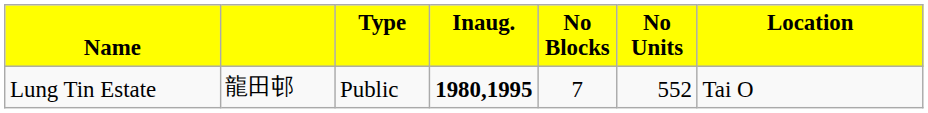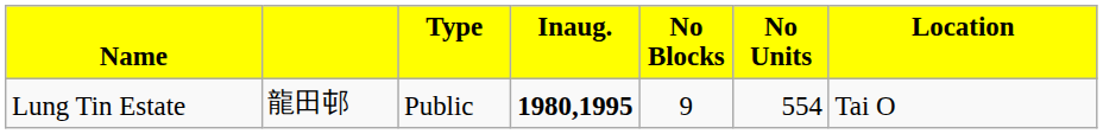 <table class="wikitable">
 <tr style="font-weight:bold;background-color:yellow" align="center" valign="top">
 <td width="143.25" Height="12.75" valign="bottom">Name</td>
 <td width="72.75" valign="top"></td>
 <td width="59.25" valign="top">Type</td>
 <td width="48" valign="top">Inaug.</td>
 <td width="48" valign="top">No Blocks</td>
 <td width="48.75" valign="bottom">No Units</td>
 <td width="150.75" valign="top">Location</td>
 </tr>
 <tr valign="bottom">
 <td Height="12.75">Lung Tin Estate</td>
 <td>龍田邨</td>
 <td>Public</td>
 <td><strong>1980,1995</strong></td>
-<td align="center">7</td>
-<td align="right">552</td>
+<td align="center">9</td>
+<td align="right">554</td>
 <td>Tai O</td>
 </tr>
 </table>
